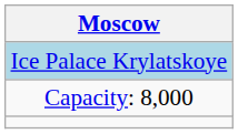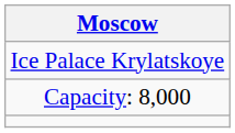 <table class="wikitable" style="text-align:center">
 <tr>
 <th><a href='#'>Moscow</a></th>
 </tr>
 <tr>
-<td style="background: lightblue;"><a href='#'>Ice Palace Krylatskoye</a></td>
+<td><a href='#'>Ice Palace Krylatskoye</a></td>
 </tr>
 <tr>
 <td><a href='#'>Capacity</a>: 8,000</td>
 </tr>
 <tr>
 <td></td>
 </tr>
 </table>
